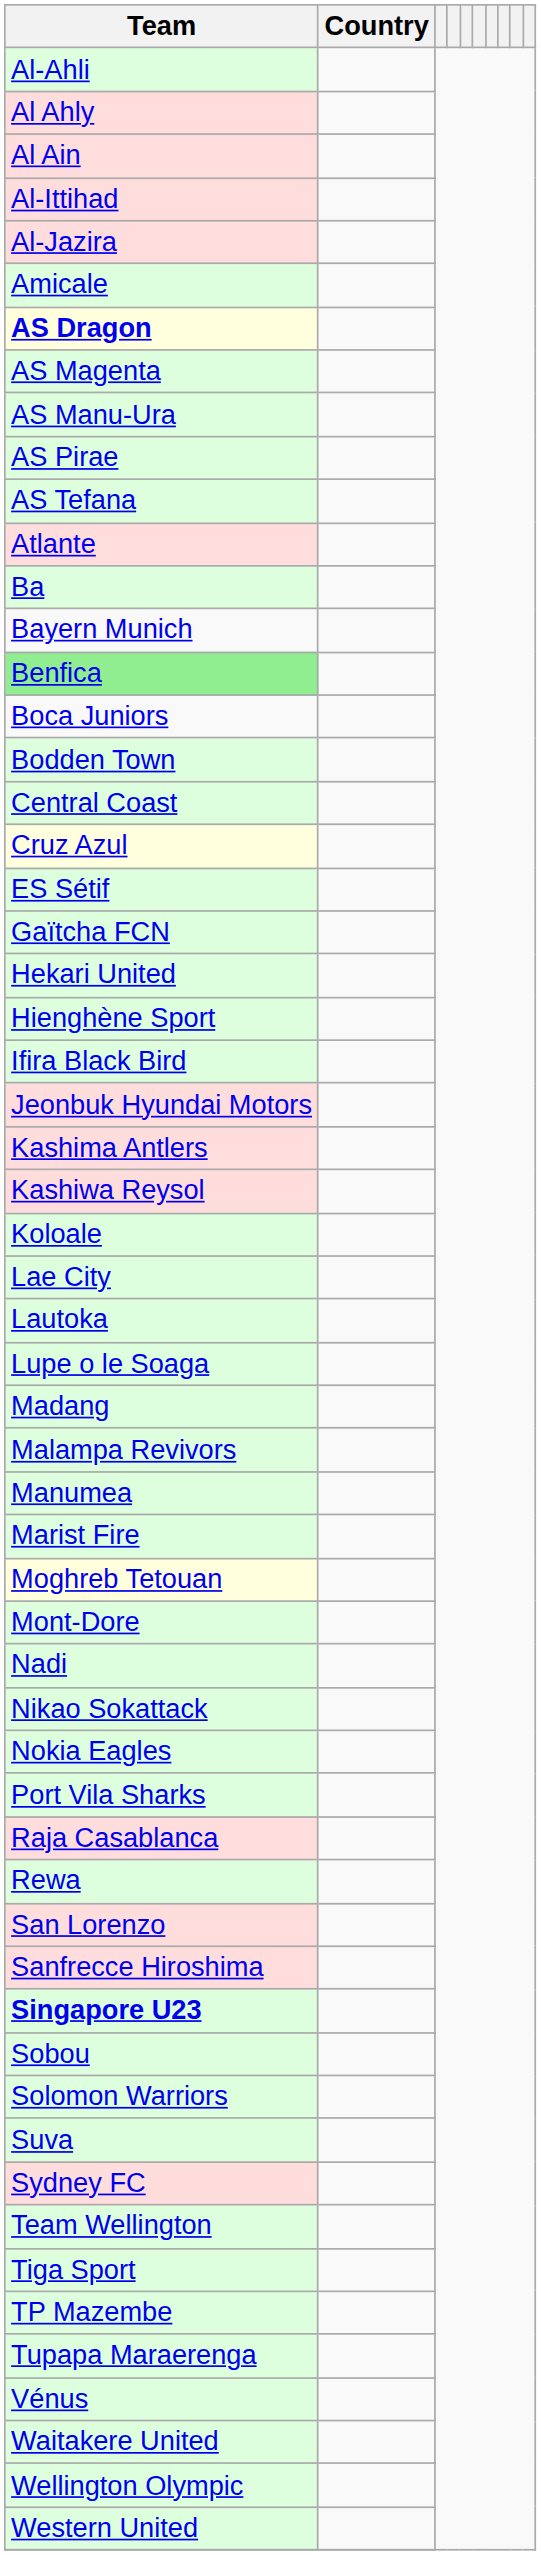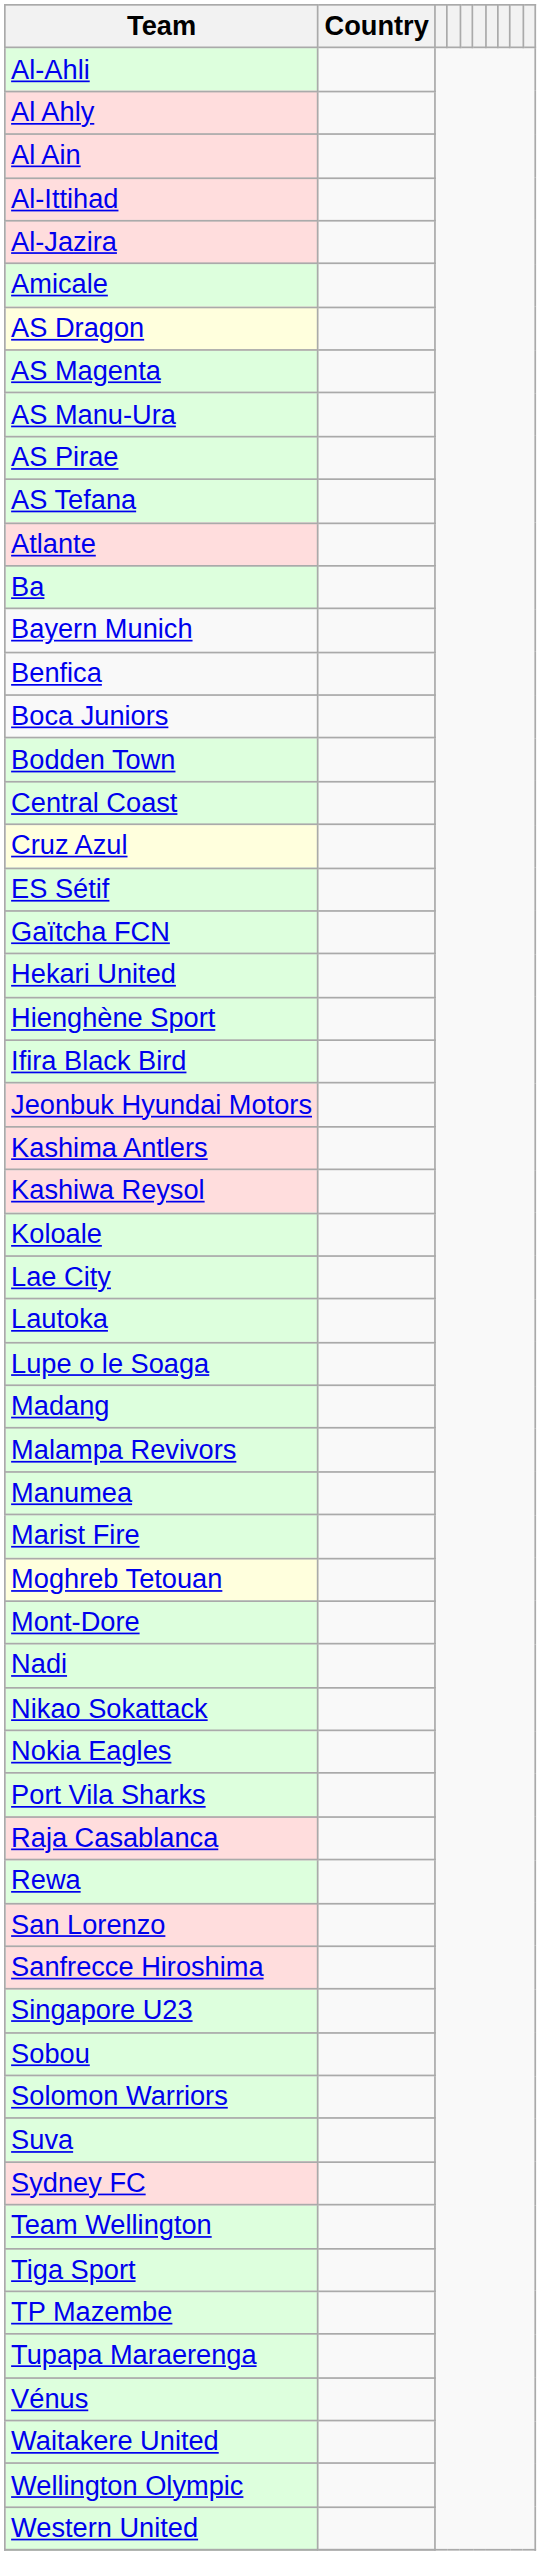 <table class="wikitable sortable sticky-header sort-under" style="text-align:center">
 <tr>
 <th>Team</th>
 <th>Country</th>
 <th></th>
 <th></th>
 <th></th>
 <th></th>
 <th></th>
 <th></th>
 <th></th>
 <th></th>
 </tr>
 <tr>
 <td style="background:#DFD;" align=left><a href='#'>Al-Ahli</a></td>
 <td align=left><br></td>
 </tr>
 <tr>
 <td style="background:#FDD;" align=left><a href='#'>Al Ahly</a></td>
 <td align=left><br></td>
 </tr>
 <tr>
 <td style="background:#FDD;" align=left><a href='#'>Al Ain</a></td>
 <td align=left><br></td>
 </tr>
 <tr>
 <td style="background:#FDD;" align=left><a href='#'>Al-Ittihad</a></td>
 <td align=left><br></td>
 </tr>
 <tr>
 <td style="background:#FDD;" align=left><a href='#'>Al-Jazira</a></td>
 <td align=left><br></td>
 </tr>
 <tr>
 <td style="background:#DFD;" align=left><a href='#'>Amicale</a></td>
 <td align=left><br></td>
 </tr>
 <tr>
-<td style="background:#FFD;" align=left><strong><a href='#'>AS Dragon</a></strong></td>
+<td style="background:#FFD;" align=left><a href='#'>AS Dragon</a></td>
 <td align=left><br></td>
 </tr>
 <tr>
 <td style="background:#DFD;" align=left><a href='#'>AS Magenta</a></td>
 <td align=left><br></td>
 </tr>
 <tr>
 <td style="background:#DFD;" align=left><a href='#'>AS Manu-Ura</a></td>
 <td align=left><br></td>
 </tr>
 <tr>
 <td style="background:#DFD;" align=left><a href='#'>AS Pirae</a></td>
 <td align=left><br></td>
 </tr>
 <tr>
 <td style="background:#DFD;" align=left><a href='#'>AS Tefana</a></td>
 <td align=left><br></td>
 </tr>
 <tr>
 <td style="background:#FDD;" align=left><a href='#'>Atlante</a></td>
 <td align=left><br></td>
 </tr>
 <tr>
 <td style="background:#DFD;" align=left><a href='#'>Ba</a></td>
 <td align=left><br></td>
 </tr>
 <tr>
 <td align=left><a href='#'>Bayern Munich</a></td>
 <td align=left><br></td>
 </tr>
 <tr>
-<td align=left style="background: lightgreen;"><a href='#'>Benfica</a></td>
+<td align=left><a href='#'>Benfica</a></td>
 <td align=left><br></td>
 </tr>
 <tr>
 <td align=left><a href='#'>Boca Juniors</a></td>
 <td align=left><br></td>
 </tr>
 <tr>
 <td style="background:#DFD;" align=left><a href='#'>Bodden Town</a></td>
 <td align=left><br></td>
 </tr>
 <tr>
 <td style="background:#DFD;" align=left><a href='#'>Central Coast</a></td>
 <td align=left><br></td>
 </tr>
 <tr>
 <td style="background:#FFD;" align=left><a href='#'>Cruz Azul</a></td>
 <td align=left><br></td>
 </tr>
 <tr>
 <td style="background:#DFD;" align=left><a href='#'>ES Sétif</a></td>
 <td align=left><br></td>
 </tr>
 <tr>
 <td style="background:#DFD;" align=left><a href='#'>Gaïtcha FCN</a></td>
 <td align=left><br></td>
 </tr>
 <tr>
 <td style="background:#DFD;" align=left><a href='#'>Hekari United</a></td>
 <td align=left><br></td>
 </tr>
 <tr>
 <td style="background:#DFD;" align=left><a href='#'>Hienghène Sport</a></td>
 <td align=left><br></td>
 </tr>
 <tr>
 <td style="background:#DFD;" align=left><a href='#'>Ifira Black Bird</a></td>
 <td align=left><br></td>
 </tr>
 <tr>
 <td style="background:#FDD;" align=left><a href='#'>Jeonbuk Hyundai Motors</a></td>
 <td align=left><br></td>
 </tr>
 <tr>
 <td style="background:#FDD;" align=left><a href='#'>Kashima Antlers</a></td>
 <td align=left><br></td>
 </tr>
 <tr>
 <td style="background:#FDD;" align=left><a href='#'>Kashiwa Reysol</a></td>
 <td align=left><br></td>
 </tr>
 <tr>
 <td style="background:#DFD;" align=left><a href='#'>Koloale</a></td>
 <td align=left><br></td>
 </tr>
 <tr>
 <td style="background:#DFD;" align=left><a href='#'>Lae City</a></td>
 <td align=left><br></td>
 </tr>
 <tr>
 <td style="background:#DFD;" align=left><a href='#'>Lautoka</a></td>
 <td align=left><br></td>
 </tr>
 <tr>
 <td style="background:#DFD;" align=left><a href='#'>Lupe o le Soaga</a></td>
 <td align=left><br></td>
 </tr>
 <tr>
 <td style="background:#DFD;" align=left><a href='#'>Madang</a></td>
 <td align=left><br></td>
 </tr>
 <tr>
 <td style="background:#DFD;" align=left><a href='#'>Malampa Revivors</a></td>
 <td align=left><br></td>
 </tr>
 <tr>
 <td style="background:#DFD;" align=left><a href='#'>Manumea</a></td>
 <td align=left><br></td>
 </tr>
 <tr>
 <td style="background:#DFD;" align=left><a href='#'>Marist Fire</a></td>
 <td align=left><br></td>
 </tr>
 <tr>
 <td style="background:#FFD;" align=left><a href='#'>Moghreb Tetouan</a></td>
 <td align=left><br></td>
 </tr>
 <tr>
 <td style="background:#DFD;" align=left><a href='#'>Mont-Dore</a></td>
 <td align=left><br></td>
 </tr>
 <tr>
 <td style="background:#DFD;" align=left><a href='#'>Nadi</a></td>
 <td align=left><br></td>
 </tr>
 <tr>
 <td style="background:#DFD;" align=left><a href='#'>Nikao Sokattack</a></td>
 <td align=left><br></td>
 </tr>
 <tr>
 <td style="background:#DFD;" align=left><a href='#'>Nokia Eagles</a></td>
 <td align=left><br></td>
 </tr>
 <tr>
 <td style="background:#DFD;" align=left><a href='#'>Port Vila Sharks</a></td>
 <td align=left><br></td>
 </tr>
 <tr>
 <td style="background:#FDD;" align=left><a href='#'>Raja Casablanca</a></td>
 <td align=left><br></td>
 </tr>
 <tr>
 <td style="background:#DFD;" align=left><a href='#'>Rewa</a></td>
 <td align=left><br></td>
 </tr>
 <tr>
 <td style="background:#FDD;" align=left><a href='#'>San Lorenzo</a></td>
 <td align=left><br></td>
 </tr>
 <tr>
 <td style="background:#FDD;" align=left><a href='#'>Sanfrecce Hiroshima</a></td>
 <td align=left><br></td>
 </tr>
 <tr>
-<td style="background:#DFD;" align=left><strong><a href='#'>Singapore U23</a></strong></td>
+<td style="background:#DFD;" align=left><a href='#'>Singapore U23</a></td>
 <td align=left><br></td>
 </tr>
 <tr>
 <td style="background:#DFD;" align=left><a href='#'>Sobou</a></td>
 <td align=left><br></td>
 </tr>
 <tr>
 <td style="background:#DFD;" align=left><a href='#'>Solomon Warriors</a></td>
 <td align=left><br></td>
 </tr>
 <tr>
 <td style="background:#DFD;" align=left><a href='#'>Suva</a></td>
 <td align=left><br></td>
 </tr>
 <tr>
 <td style="background:#FDD;" align=left><a href='#'>Sydney FC</a></td>
 <td align=left><br></td>
 </tr>
 <tr>
 <td style="background:#DFD;" align=left><a href='#'>Team Wellington</a></td>
 <td align=left><br></td>
 </tr>
 <tr>
 <td style="background:#DFD;" align=left><a href='#'>Tiga Sport</a></td>
 <td align=left><br></td>
 </tr>
 <tr>
 <td style="background:#DFD;" align=left><a href='#'>TP Mazembe</a></td>
 <td align=left><br></td>
 </tr>
 <tr>
 <td style="background:#DFD;" align=left><a href='#'>Tupapa Maraerenga</a></td>
 <td align=left><br></td>
 </tr>
 <tr>
 <td style="background:#DFD;" align=left><a href='#'>Vénus</a></td>
 <td align=left><br></td>
 </tr>
 <tr>
 <td style="background:#DFD;" align=left><a href='#'>Waitakere United</a></td>
 <td align=left><br></td>
 </tr>
 <tr>
 <td style="background:#DFD;" align=left><a href='#'>Wellington Olympic</a></td>
 <td align=left><br></td>
 </tr>
 <tr>
 <td style="background:#DFD;" align=left><a href='#'>Western United</a></td>
 <td align=left><br></td>
 </tr>
 <tr>
 </tr>
 </table>
